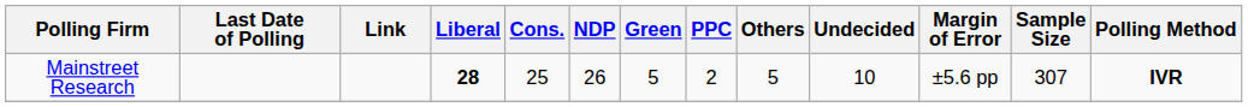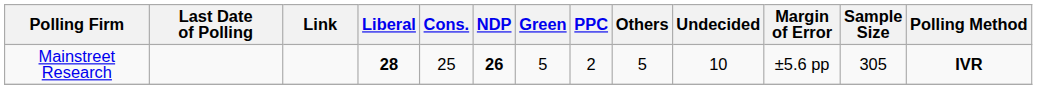 <table class="wikitable sortable" style="text-align:center;font-size:90%;line-height:14px;">
 <tr style="background:#e9e9e9;">
 <th style="width:120px">Polling Firm</th>
 <th style="width:110px">Last Date<br>of Polling</th>
 <th style="width:60px" class="unsortable">Link</th>
 <th style="background-color:"><a href='#'>Liberal</a></th>
 <th style="background-color:"><a href='#'>Cons.</a></th>
 <th style="background-color:"><a href='#'>NDP</a></th>
 <th style="background-color:"><a href='#'>Green</a></th>
 <th style="background-color:"><a href='#'><span>PPC</span></a></th>
 <th style="background-color:">Others</th>
 <th style="background-color:">Undecided</th>
 <th style="width:60px;" class=unsortable>Margin<br>of Error</th>
 <th style="width:50px;" class=unsortable>Sample<br>Size</th>
 <th class=unsortable>Polling Method</th>
 </tr>
 <tr>
 <td><a href='#'>Mainstreet Research</a></td>
 <td></td>
 <td></td>
 <td><strong>28</strong></td>
 <td>25</td>
-<td>26</td>
+<td><strong>26</strong></td>
 <td>5</td>
 <td>2</td>
 <td>5</td>
 <td>10</td>
 <td>±5.6 pp</td>
-<td>307</td>
+<td>305</td>
 <td><strong>IVR</strong></td>
 </tr>
 <tr>
 </tr>
 </table>
